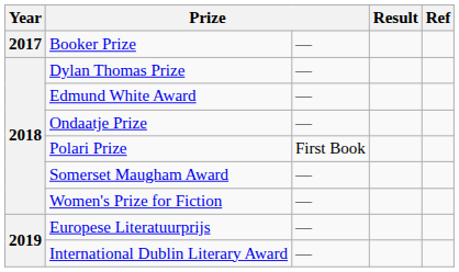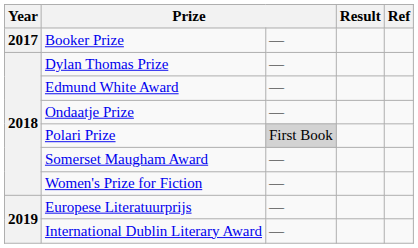 <table class="wikitable">
 <tr>
 <th>Year</th>
 <th colspan="2">Prize</th>
 <th>Result</th>
 <th>Ref</th>
 </tr>
 <tr>
 <th>2017</th>
 <td><a href='#'>Booker Prize</a></td>
 <td>—</td>
 <td></td>
 <td></td>
 </tr>
 <tr>
 <th rowspan="6">2018</th>
 <td><a href='#'>Dylan Thomas Prize</a></td>
 <td>—</td>
 <td></td>
 <td></td>
 </tr>
 <tr>
 <td><a href='#'>Edmund White Award</a></td>
 <td>—</td>
 <td></td>
 <td></td>
 </tr>
 <tr>
 <td><a href='#'>Ondaatje Prize</a></td>
 <td>—</td>
 <td></td>
 <td></td>
 </tr>
 <tr>
 <td><a href='#'>Polari Prize</a></td>
-<td>First Book</td>
+<td style="background: lightgrey;">First Book</td>
 <td></td>
 <td></td>
 </tr>
 <tr>
 <td><a href='#'>Somerset Maugham Award</a></td>
 <td>—</td>
 <td></td>
 <td></td>
 </tr>
 <tr>
 <td><a href='#'>Women's Prize for Fiction</a></td>
 <td>—</td>
 <td></td>
 <td></td>
 </tr>
 <tr>
 <th rowspan="2">2019</th>
 <td><a href='#'>Europese Literatuurprijs</a></td>
 <td>—</td>
 <td></td>
 <td></td>
 </tr>
 <tr>
 <td><a href='#'>International Dublin Literary Award</a></td>
 <td>—</td>
 <td></td>
 <td></td>
 </tr>
 </table>
